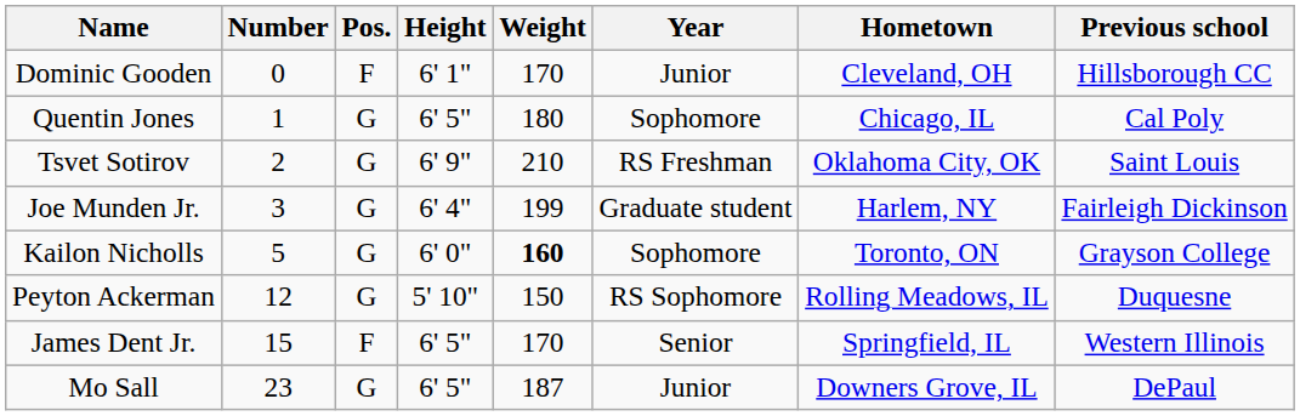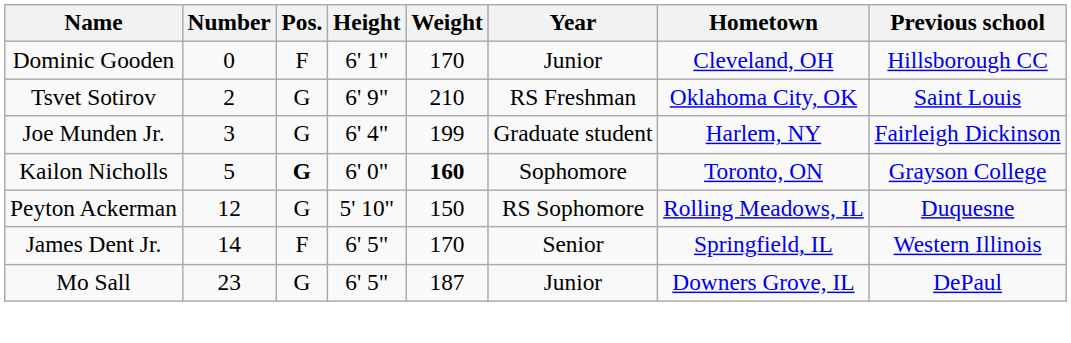 <table class="wikitable sortable" style="text-align:center">
 <tr align=center>
 <th>Name</th>
 <th>Number</th>
 <th>Pos.</th>
 <th>Height</th>
 <th>Weight</th>
 <th>Year</th>
 <th>Hometown</th>
 <th class="unsortable">Previous school</th>
 </tr>
 <tr>
 <td>Dominic Gooden</td>
 <td>0</td>
 <td>F</td>
 <td>6' 1"</td>
 <td>170</td>
 <td>Junior</td>
 <td><a href='#'>Cleveland, OH</a></td>
 <td><a href='#'>Hillsborough CC</a></td>
-</tr>
-<tr>
-<td>Quentin Jones</td>
-<td>1</td>
-<td>G</td>
-<td>6' 5"</td>
-<td>180</td>
-<td>Sophomore</td>
-<td><a href='#'>Chicago, IL</a></td>
-<td><a href='#'>Cal Poly</a></td>
 </tr>
 <tr>
 <td>Tsvet Sotirov</td>
 <td>2</td>
 <td>G</td>
 <td>6' 9"</td>
 <td>210</td>
 <td>RS Freshman</td>
 <td><a href='#'>Oklahoma City, OK</a></td>
 <td><a href='#'>Saint Louis</a></td>
 </tr>
 <tr>
 <td>Joe Munden Jr.</td>
 <td>3</td>
 <td>G</td>
 <td>6' 4"</td>
 <td>199</td>
 <td>Graduate student</td>
 <td><a href='#'>Harlem, NY</a></td>
 <td><a href='#'>Fairleigh Dickinson</a></td>
 </tr>
 <tr>
 <td>Kailon Nicholls</td>
 <td>5</td>
-<td>G</td>
+<td><strong>G</strong></td>
 <td>6' 0"</td>
 <td><strong>160</strong></td>
 <td>Sophomore</td>
 <td><a href='#'>Toronto, ON</a></td>
 <td><a href='#'>Grayson College</a></td>
 </tr>
 <tr>
 <td>Peyton Ackerman</td>
 <td>12</td>
 <td>G</td>
 <td>5' 10"</td>
 <td>150</td>
 <td>RS Sophomore</td>
 <td><a href='#'>Rolling Meadows, IL</a></td>
 <td><a href='#'>Duquesne</a></td>
 </tr>
 <tr>
 <td>James Dent Jr.</td>
-<td>15</td>
+<td>14</td>
 <td>F</td>
 <td>6' 5"</td>
 <td>170</td>
 <td>Senior</td>
 <td><a href='#'>Springfield, IL</a></td>
 <td><a href='#'>Western Illinois</a></td>
 </tr>
 <tr>
 <td>Mo Sall</td>
 <td>23</td>
 <td>G</td>
 <td>6' 5"</td>
 <td>187</td>
 <td>Junior</td>
 <td><a href='#'>Downers Grove, IL</a></td>
 <td><a href='#'>DePaul</a></td>
 </tr>
 </table>
